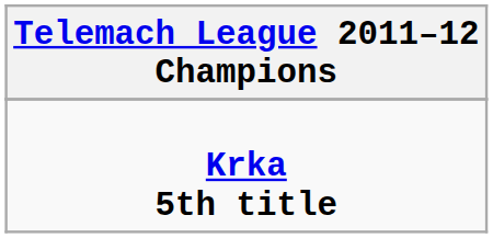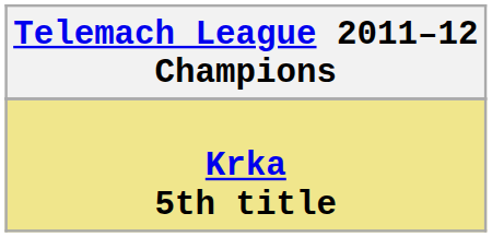 <table class="wikitable" style="text-align: center; margin: 0 auto;">
 <tr>
 <th><a href='#'>Telemach League</a> 2011–12<br>Champions</th>
 </tr>
 <tr>
 </tr>
 <tr>
-<td> <br><strong><a href='#'>Krka</a></strong><br><strong>5th title</strong></td>
+<td style="background: khaki;"> <br><strong><a href='#'>Krka</a></strong><br><strong>5th title</strong></td>
 </tr>
 </table>
